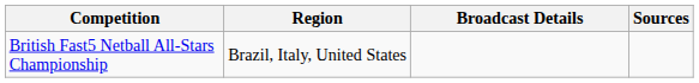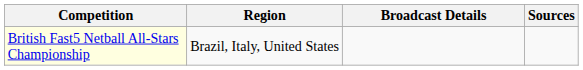 <table class="wikitable">
 <tr>
 <th width="200">Competition</th>
 <th>Region</th>
 <th width="200">Broadcast Details</th>
 <th>Sources</th>
 </tr>
 <tr>
-<td><a href='#'>British Fast5 Netball All-Stars Championship</a></td>
+<td style="background: lightyellow;"><a href='#'>British Fast5 Netball All-Stars Championship</a></td>
 <td>Brazil, Italy, United States</td>
 <td></td>
 </tr>
 </table>
